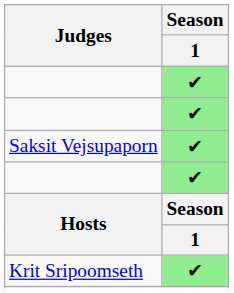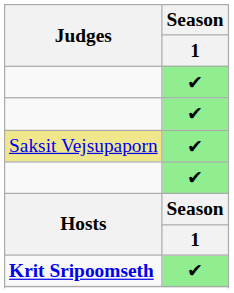 <table class="wikitable">
 <tr>
 <th rowspan="2">Judges</th>
 <th colspan="2">Season</th>
 </tr>
 <tr>
 <th><strong>1</strong></th>
 </tr>
 <tr>
 <td></td>
 <td colspan="1"  style = "background:lightgreen; text-align:center;">✔</td>
 </tr>
 <tr>
 <td></td>
 <td colspan="1"  style = "background:lightgreen; text-align:center;">✔</td>
 </tr>
 <tr>
-<td><a href='#'>Saksit Vejsupaporn</a></td>
+<td style="background: khaki;"><a href='#'>Saksit Vejsupaporn</a></td>
 <td colspan="1"  style = "background:lightgreen; text-align:center;">✔</td>
 </tr>
 <tr>
 <td></td>
 <td colspan="1"  style = "background:lightgreen; text-align:center;">✔</td>
 </tr>
 <tr>
 <th rowspan="2">Hosts</th>
 <th colspan="1">Season</th>
 </tr>
 <tr>
 <th><strong>1</strong></th>
 </tr>
 <tr>
-<td><a href='#'>Krit Sripoomseth</a></td>
+<td><strong><a href='#'>Krit Sripoomseth</a></strong></td>
 <td colspan="1"  style = "background:lightgreen; text-align:center;">✔</td>
 </tr>
 <tr>
 </tr>
 <tr>
 </tr>
 </table>
